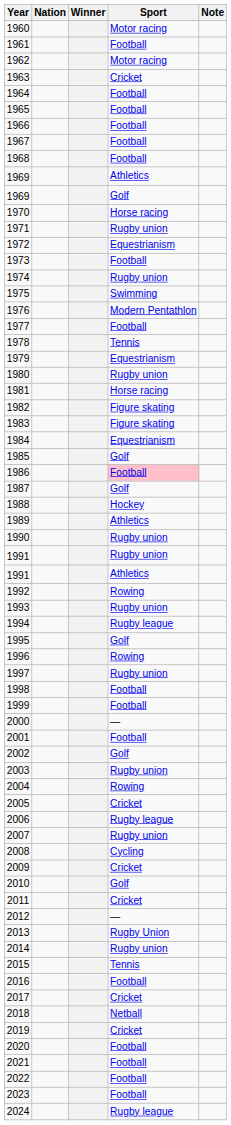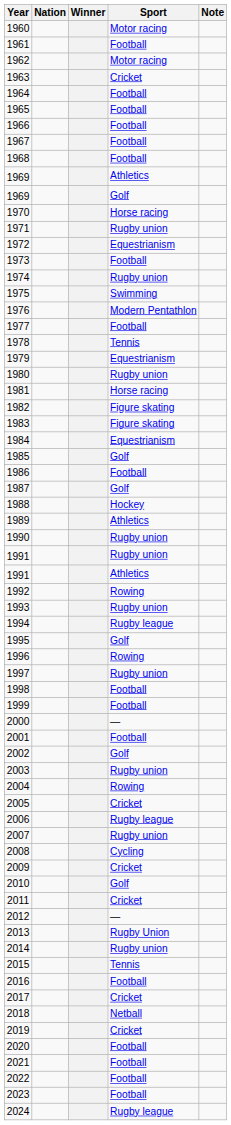 <table class="sortable plainrowheaders wikitable">
 <tr>
 <th scope=col>Year</th>
 <th scope=col>Nation</th>
 <th scope=col>Winner</th>
 <th scope=col>Sport</th>
 <th scope=col class="unsortable">Note</th>
 </tr>
 <tr>
 <td align=center>1960</td>
 <td></td>
 <th scope=row></th>
 <td><a href='#'>Motor racing</a></td>
 <td align=center></td>
 </tr>
 <tr>
 <td align=center>1961</td>
 <td></td>
 <th scope=row></th>
 <td><a href='#'>Football</a></td>
 <td align=center></td>
 </tr>
 <tr>
 <td align=center>1962</td>
 <td></td>
 <th scope=row></th>
 <td><a href='#'>Motor racing</a></td>
 <td align=center></td>
 </tr>
 <tr>
 <td align=center>1963</td>
 <td></td>
 <th scope=row></th>
 <td><a href='#'>Cricket</a></td>
 <td align=center></td>
 </tr>
 <tr>
 <td align=center>1964</td>
 <td></td>
 <th scope=row></th>
 <td><a href='#'>Football</a></td>
 <td align=center></td>
 </tr>
 <tr>
 <td align=center>1965</td>
 <td></td>
 <th scope=row></th>
 <td><a href='#'>Football</a></td>
 <td align=center></td>
 </tr>
 <tr>
 <td align=center>1966</td>
 <td></td>
 <th scope=row></th>
 <td><a href='#'>Football</a></td>
 <td align=center></td>
 </tr>
 <tr>
 <td align=center>1967</td>
 <td></td>
 <th scope=row></th>
 <td><a href='#'>Football</a></td>
 <td align=center></td>
 </tr>
 <tr>
 <td align=center>1968</td>
 <td></td>
 <th scope=row></th>
 <td><a href='#'>Football</a></td>
 <td align=center></td>
 </tr>
 <tr>
 <td align=center>1969<sup></sup></td>
 <td></td>
 <th scope=row></th>
 <td><a href='#'>Athletics</a></td>
 <td align=center></td>
 </tr>
 <tr>
 <td align=center>1969<sup></sup></td>
 <td></td>
 <th scope=row></th>
 <td><a href='#'>Golf</a></td>
 <td align=center></td>
 </tr>
 <tr>
 <td align=center>1970</td>
 <td></td>
 <th scope=row></th>
 <td><a href='#'>Horse racing</a></td>
 <td align=center></td>
 </tr>
 <tr>
 <td align=center>1971</td>
 <td></td>
 <th scope=row></th>
 <td><a href='#'>Rugby union</a></td>
 <td align=center></td>
 </tr>
 <tr>
 <td align=center>1972</td>
 <td></td>
 <th scope=row></th>
 <td><a href='#'>Equestrianism</a></td>
 <td align=center></td>
 </tr>
 <tr>
 <td align=center>1973</td>
 <td></td>
 <th scope=row></th>
 <td><a href='#'>Football</a></td>
 <td align=center></td>
 </tr>
 <tr>
 <td align=center>1974</td>
 <td></td>
 <th scope=row></th>
 <td><a href='#'>Rugby union</a></td>
 <td align=center></td>
 </tr>
 <tr>
 <td align=center>1975</td>
 <td></td>
 <th scope=row></th>
 <td><a href='#'>Swimming</a></td>
 <td align=center></td>
 </tr>
 <tr>
 <td align=center>1976</td>
 <td></td>
 <th scope=row></th>
 <td><a href='#'>Modern Pentathlon</a></td>
 <td align=center></td>
 </tr>
 <tr>
 <td align=center>1977</td>
 <td></td>
 <th scope=row></th>
 <td><a href='#'>Football</a></td>
 <td align=center></td>
 </tr>
 <tr>
 <td align=center>1978</td>
 <td></td>
 <th scope=row></th>
 <td><a href='#'>Tennis</a></td>
 <td align=center></td>
 </tr>
 <tr>
 <td align=center>1979</td>
 <td></td>
 <th scope=row></th>
 <td><a href='#'>Equestrianism</a></td>
 <td align=center></td>
 </tr>
 <tr>
 <td align=center>1980</td>
 <td></td>
 <th scope=row></th>
 <td><a href='#'>Rugby union</a></td>
 <td align=center></td>
 </tr>
 <tr>
 <td align=center>1981</td>
 <td></td>
 <th scope=row></th>
 <td><a href='#'>Horse racing</a></td>
 <td align=center></td>
 </tr>
 <tr>
 <td align=center>1982</td>
 <td></td>
 <th scope=row></th>
 <td><a href='#'>Figure skating</a></td>
 <td align=center></td>
 </tr>
 <tr>
 <td align=center>1983</td>
 <td></td>
 <th scope=row></th>
 <td><a href='#'>Figure skating</a></td>
 <td align=center></td>
 </tr>
 <tr>
 <td align=center>1984</td>
 <td></td>
 <th scope=row></th>
 <td><a href='#'>Equestrianism</a></td>
 <td align=center></td>
 </tr>
 <tr>
 <td align=center>1985</td>
 <td></td>
 <th scope=row></th>
 <td><a href='#'>Golf</a></td>
 <td align=center></td>
 </tr>
 <tr>
 <td align=center>1986</td>
 <td></td>
 <th scope=row></th>
-<td style="background: pink;"><a href='#'>Football</a></td>
+<td><a href='#'>Football</a></td>
 <td align=center></td>
 </tr>
 <tr>
 <td align=center>1987</td>
 <td></td>
 <th scope=row></th>
 <td><a href='#'>Golf</a></td>
 <td align=center></td>
 </tr>
 <tr>
 <td align=center>1988</td>
 <td></td>
 <th scope=row></th>
 <td><a href='#'>Hockey</a></td>
 <td align=center></td>
 </tr>
 <tr>
 <td align=center>1989</td>
 <td></td>
 <th scope=row></th>
 <td><a href='#'>Athletics</a></td>
 <td align=center></td>
 </tr>
 <tr>
 <td align=center>1990</td>
 <td></td>
 <th scope=row></th>
 <td><a href='#'>Rugby union</a></td>
 <td align=center></td>
 </tr>
 <tr>
 <td align=center>1991<sup></sup></td>
 <td></td>
 <th scope=row></th>
 <td><a href='#'>Rugby union</a></td>
 <td align=center></td>
 </tr>
 <tr>
 <td align=center>1991<sup></sup></td>
 <td></td>
 <th scope=row></th>
 <td><a href='#'>Athletics</a></td>
 <td align=center></td>
 </tr>
 <tr>
 <td align=center>1992</td>
 <td></td>
 <th scope=row></th>
 <td><a href='#'>Rowing</a></td>
 <td align=center></td>
 </tr>
 <tr>
 <td align=center>1993</td>
 <td></td>
 <th scope=row></th>
 <td><a href='#'>Rugby union</a></td>
 <td align=center></td>
 </tr>
 <tr>
 <td align=center>1994</td>
 <td></td>
 <th scope=row></th>
 <td><a href='#'>Rugby league</a></td>
 <td align=center></td>
 </tr>
 <tr>
 <td align=center>1995</td>
 <td></td>
 <th scope=row></th>
 <td><a href='#'>Golf</a></td>
 <td align=center></td>
 </tr>
 <tr>
 <td align=center>1996</td>
 <td></td>
 <th scope=row></th>
 <td><a href='#'>Rowing</a></td>
 <td align=center></td>
 </tr>
 <tr>
 <td align=center>1997</td>
 <td></td>
 <th scope=row></th>
 <td><a href='#'>Rugby union</a></td>
 <td align=center></td>
 </tr>
 <tr>
 <td align=center>1998</td>
 <td></td>
 <th scope=row></th>
 <td><a href='#'>Football</a></td>
 <td align=center></td>
 </tr>
 <tr>
 <td align=center>1999</td>
 <td></td>
 <th scope=row></th>
 <td><a href='#'>Football</a></td>
 <td align=center></td>
 </tr>
 <tr>
 <td align=center>2000</td>
 <td></td>
 <th scope=row></th>
 <td>—</td>
 <td align=center></td>
 </tr>
 <tr>
 <td align=center>2001</td>
 <td></td>
 <th scope=row></th>
 <td><a href='#'>Football</a></td>
 <td align=center></td>
 </tr>
 <tr>
 <td align=center>2002</td>
 <td></td>
 <th scope=row></th>
 <td><a href='#'>Golf</a></td>
 <td align=center></td>
 </tr>
 <tr>
 <td align=center>2003</td>
 <td></td>
 <th scope=row></th>
 <td><a href='#'>Rugby union</a></td>
 <td align=center></td>
 </tr>
 <tr>
 <td align=center>2004</td>
 <td></td>
 <th scope=row></th>
 <td><a href='#'>Rowing</a></td>
 <td align=center></td>
 </tr>
 <tr>
 <td align=center>2005</td>
 <td></td>
 <th scope=row></th>
 <td><a href='#'>Cricket</a></td>
 <td align=center></td>
 </tr>
 <tr>
 <td align=center>2006</td>
 <td></td>
 <th scope=row></th>
 <td><a href='#'>Rugby league</a></td>
 <td align=center></td>
 </tr>
 <tr>
 <td align=center>2007</td>
 <td></td>
 <th scope=row></th>
 <td><a href='#'>Rugby union</a></td>
 <td align=center></td>
 </tr>
 <tr>
 <td align=center>2008</td>
 <td></td>
 <th scope=row></th>
 <td><a href='#'>Cycling</a></td>
 <td align=center></td>
 </tr>
 <tr>
 <td align=center>2009</td>
 <td></td>
 <th scope=row></th>
 <td><a href='#'>Cricket</a></td>
 <td align=center></td>
 </tr>
 <tr>
 <td align=center>2010</td>
 <td></td>
 <th scope=row></th>
 <td><a href='#'>Golf</a></td>
 <td align=center></td>
 </tr>
 <tr>
 <td align=center>2011</td>
 <td></td>
 <th scope=row></th>
 <td><a href='#'>Cricket</a></td>
 <td align=center></td>
 </tr>
 <tr>
 <td align=center>2012</td>
 <td></td>
 <th scope=row></th>
 <td>—</td>
 <td align=center></td>
 </tr>
 <tr>
 <td align=center>2013</td>
 <td><br></td>
 <th scope=row></th>
 <td><a href='#'>Rugby Union</a></td>
 <td align=center></td>
 </tr>
 <tr>
 <td align=center>2014</td>
 <td></td>
 <th scope=row></th>
 <td><a href='#'>Rugby union</a></td>
 <td align=center></td>
 </tr>
 <tr>
 <td align=center>2015</td>
 <td></td>
 <th scope=row></th>
 <td><a href='#'>Tennis</a></td>
 <td align=center></td>
 </tr>
 <tr>
 <td align=center>2016</td>
 <td></td>
 <th scope=row></th>
 <td><a href='#'>Football</a></td>
 <td align=center></td>
 </tr>
 <tr>
 <td align=center>2017</td>
 <td></td>
 <th scope=row></th>
 <td><a href='#'>Cricket</a></td>
 <td align=center></td>
 </tr>
 <tr>
 <td align=center>2018</td>
 <td></td>
 <th scope=row></th>
 <td><a href='#'>Netball</a></td>
 <td align=center></td>
 </tr>
 <tr>
 <td align=center>2019</td>
 <td></td>
 <th scope=row></th>
 <td><a href='#'>Cricket</a></td>
 <td align=center></td>
 </tr>
 <tr>
 <td align=center>2020</td>
 <td></td>
 <th scope=row></th>
 <td><a href='#'>Football</a></td>
 <td align=center></td>
 </tr>
 <tr>
 <td align=center>2021</td>
 <td></td>
 <th scope=row></th>
 <td><a href='#'>Football</a></td>
 <td align=center></td>
 </tr>
 <tr>
 <td align=center>2022</td>
 <td></td>
 <th scope=row></th>
 <td><a href='#'>Football</a></td>
 <td align=center></td>
 </tr>
 <tr>
 <td align=center>2023</td>
 <td></td>
 <th scope=row></th>
 <td><a href='#'>Football</a></td>
 <td align=center></td>
 </tr>
 <tr>
 <td align=center>2024</td>
 <td></td>
 <th scope=row></th>
 <td><a href='#'>Rugby league</a></td>
 <td align=center></td>
 </tr>
 </table>
